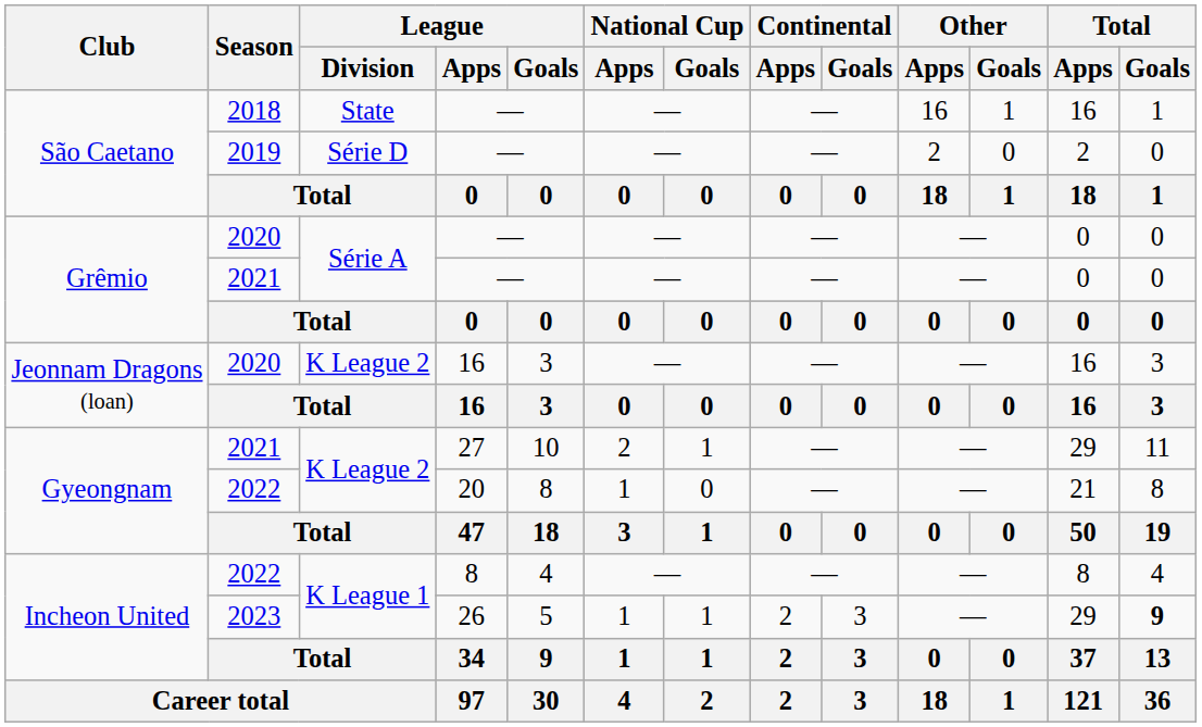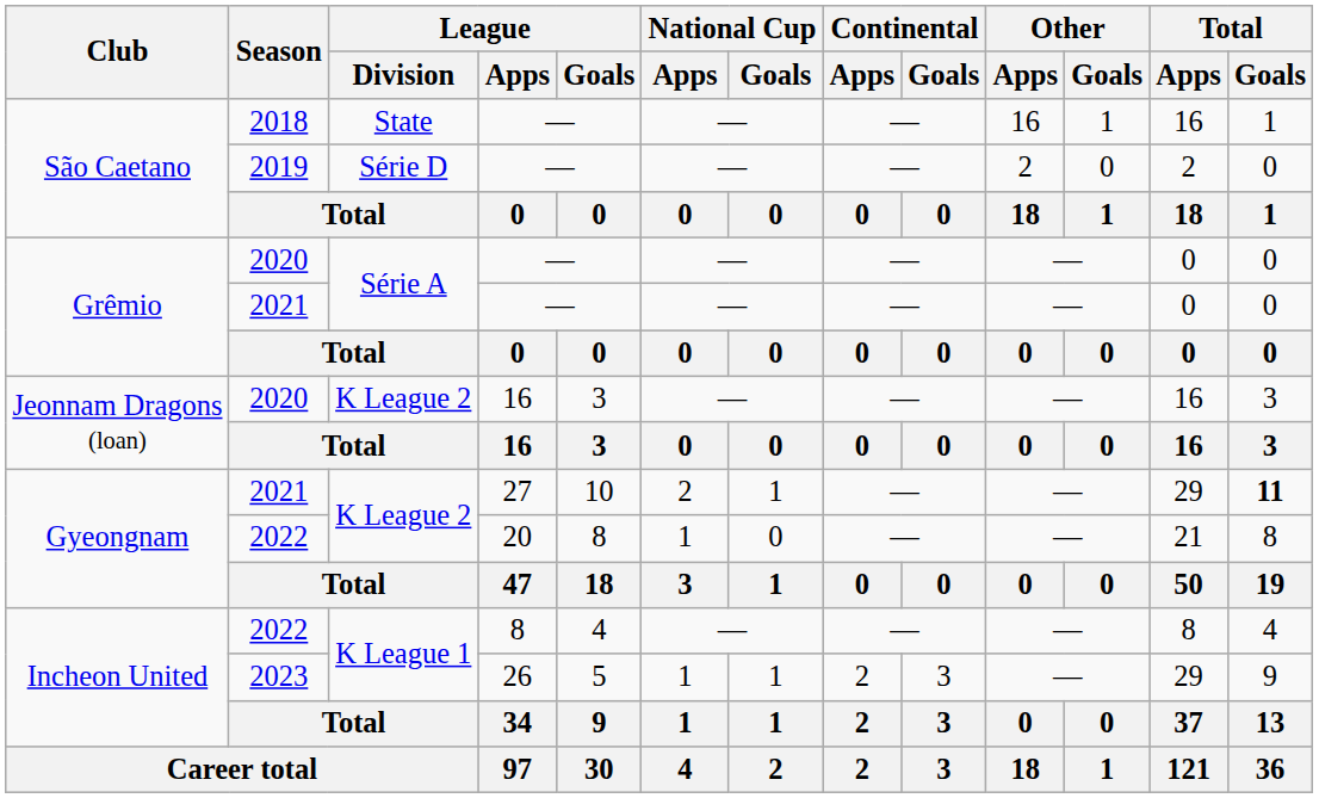 <table class="wikitable" style="text-align:center">
 <tr>
 <th rowspan="2">Club</th>
 <th rowspan="2">Season</th>
 <th colspan="3">League</th>
 <th colspan="2">National Cup</th>
 <th colspan="2">Continental</th>
 <th colspan="2">Other</th>
 <th colspan="2">Total</th>
 </tr>
 <tr>
 <th>Division</th>
 <th>Apps</th>
 <th>Goals</th>
 <th>Apps</th>
 <th>Goals</th>
 <th>Apps</th>
 <th>Goals</th>
 <th>Apps</th>
 <th>Goals</th>
 <th>Apps</th>
 <th>Goals</th>
 </tr>
 <tr>
 <td rowspan=3><a href='#'>São Caetano</a></td>
 <td><a href='#'>2018</a></td>
 <td><a href='#'>State</a></td>
 <td colspan="2">—</td>
 <td colspan="2">—</td>
 <td colspan="2">—</td>
 <td>16</td>
 <td>1</td>
 <td>16</td>
 <td>1</td>
 </tr>
 <tr>
 <td><a href='#'>2019</a></td>
 <td><a href='#'>Série D</a></td>
 <td colspan="2">—</td>
 <td colspan="2">—</td>
 <td colspan="2">—</td>
 <td>2</td>
 <td>0</td>
 <td>2</td>
 <td>0</td>
 </tr>
 <tr>
 <th colspan=2>Total</th>
 <th>0</th>
 <th>0</th>
 <th>0</th>
 <th>0</th>
 <th>0</th>
 <th>0</th>
 <th>18</th>
 <th>1</th>
 <th>18</th>
 <th>1</th>
 </tr>
 <tr>
 <td rowspan=3><a href='#'>Grêmio</a></td>
 <td><a href='#'>2020</a></td>
 <td rowspan=2><a href='#'>Série A</a></td>
 <td colspan="2">—</td>
 <td colspan="2">—</td>
 <td colspan="2">—</td>
 <td colspan="2">—</td>
 <td>0</td>
 <td>0</td>
 </tr>
 <tr>
 <td><a href='#'>2021</a></td>
 <td colspan="2">—</td>
 <td colspan="2">—</td>
 <td colspan="2">—</td>
 <td colspan="2">—</td>
 <td>0</td>
 <td>0</td>
 </tr>
 <tr>
 <th colspan=2>Total</th>
 <th>0</th>
 <th>0</th>
 <th>0</th>
 <th>0</th>
 <th>0</th>
 <th>0</th>
 <th>0</th>
 <th>0</th>
 <th>0</th>
 <th>0</th>
 </tr>
 <tr>
 <td rowspan=2><a href='#'>Jeonnam Dragons</a><br><small>(loan)</small></td>
 <td><a href='#'>2020</a></td>
 <td><a href='#'>K League 2</a></td>
 <td>16</td>
 <td>3</td>
 <td colspan="2">—</td>
 <td colspan="2">—</td>
 <td colspan="2">—</td>
 <td>16</td>
 <td>3</td>
 </tr>
 <tr>
 <th colspan=2>Total</th>
 <th>16</th>
 <th>3</th>
 <th>0</th>
 <th>0</th>
 <th>0</th>
 <th>0</th>
 <th>0</th>
 <th>0</th>
 <th>16</th>
 <th>3</th>
 </tr>
 <tr>
 <td rowspan="3"><a href='#'>Gyeongnam</a></td>
 <td><a href='#'>2021</a></td>
 <td rowspan="2"><a href='#'>K League 2</a></td>
 <td>27</td>
 <td>10</td>
 <td>2</td>
 <td>1</td>
 <td colspan="2">—</td>
 <td colspan="2">—</td>
 <td>29</td>
-<td>11</td>
+<td><strong>11</strong></td>
 </tr>
 <tr>
 <td><a href='#'>2022</a></td>
 <td>20</td>
 <td>8</td>
 <td>1</td>
 <td>0</td>
 <td colspan="2">—</td>
 <td colspan="2">—</td>
 <td>21</td>
 <td>8</td>
 </tr>
 <tr>
 <th colspan="2">Total</th>
 <th>47</th>
 <th>18</th>
 <th>3</th>
 <th>1</th>
 <th>0</th>
 <th>0</th>
 <th>0</th>
 <th>0</th>
 <th>50</th>
 <th>19</th>
 </tr>
 <tr>
 <td rowspan="3"><a href='#'>Incheon United</a></td>
 <td><a href='#'>2022</a></td>
 <td rowspan="2"><a href='#'>K League 1</a></td>
 <td>8</td>
 <td>4</td>
 <td colspan="2">—</td>
 <td colspan="2">—</td>
 <td colspan="2">—</td>
 <td>8</td>
 <td>4</td>
 </tr>
 <tr>
 <td><a href='#'>2023</a></td>
 <td>26</td>
 <td>5</td>
 <td>1</td>
 <td>1</td>
 <td>2</td>
 <td>3</td>
 <td colspan="2">—</td>
 <td>29</td>
-<td><strong>9</strong></td>
+<td>9</td>
 </tr>
 <tr>
 <th colspan="2">Total</th>
 <th>34</th>
 <th>9</th>
 <th>1</th>
 <th>1</th>
 <th>2</th>
 <th>3</th>
 <th>0</th>
 <th>0</th>
 <th>37</th>
 <th>13</th>
 </tr>
 <tr>
 <th colspan="3"><strong>Career total</strong></th>
 <th>97</th>
 <th>30</th>
 <th>4</th>
 <th>2</th>
 <th>2</th>
 <th>3</th>
 <th>18</th>
 <th>1</th>
 <th>121</th>
 <th>36</th>
 </tr>
 </table>
